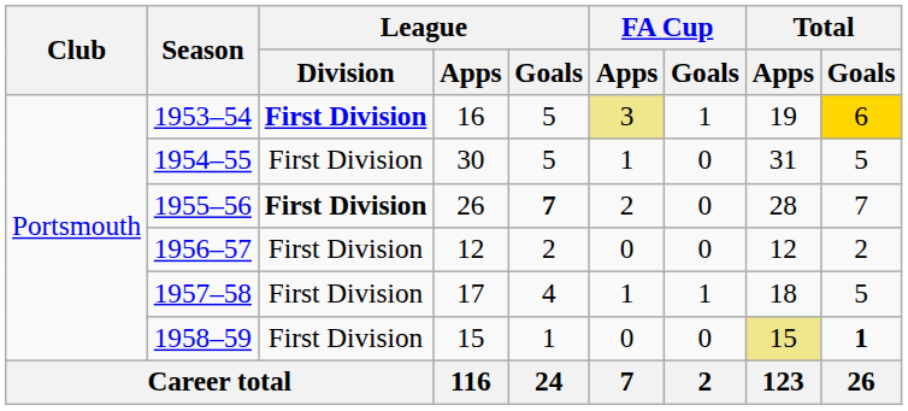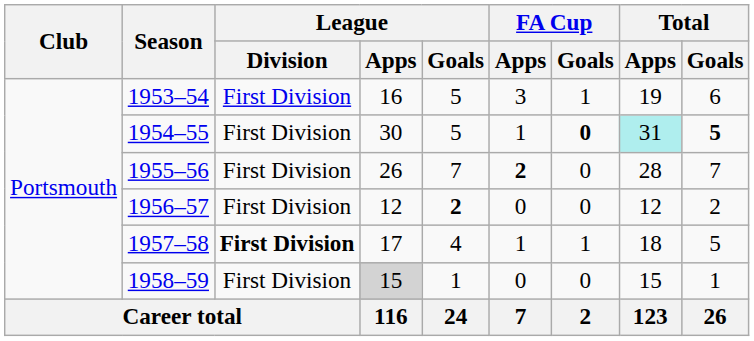 <table class="wikitable" style="text-align: center;">
 <tr>
 <th rowspan="2">Club</th>
 <th rowspan="2">Season</th>
 <th colspan="3">League</th>
 <th colspan="2"><a href='#'>FA Cup</a></th>
 <th colspan="2">Total</th>
 </tr>
 <tr>
 <th>Division</th>
 <th>Apps</th>
 <th>Goals</th>
 <th>Apps</th>
 <th>Goals</th>
 <th>Apps</th>
 <th>Goals</th>
 </tr>
 <tr>
 <td rowspan="6"><a href='#'>Portsmouth</a></td>
 <td><a href='#'>1953–54</a></td>
-<td><strong><a href='#'>First Division</a></strong></td>
+<td><a href='#'>First Division</a></td>
 <td>16</td>
 <td>5</td>
-<td style="background: khaki;">3</td>
+<td>3</td>
 <td>1</td>
 <td>19</td>
-<td style="background: gold;">6</td>
+<td>6</td>
 </tr>
 <tr>
 <td><a href='#'>1954–55</a></td>
 <td>First Division</td>
 <td>30</td>
 <td>5</td>
 <td>1</td>
-<td>0</td>
-<td>31</td>
-<td>5</td>
+<td><strong>0</strong></td>
+<td style="background: paleturquoise;">31</td>
+<td><strong>5</strong></td>
 </tr>
 <tr>
 <td><a href='#'>1955–56</a></td>
-<td><strong>First Division</strong></td>
+<td>First Division</td>
 <td>26</td>
-<td><strong>7</strong></td>
-<td>2</td>
+<td>7</td>
+<td><strong>2</strong></td>
 <td>0</td>
 <td>28</td>
 <td>7</td>
 </tr>
 <tr>
 <td><a href='#'>1956–57</a></td>
 <td>First Division</td>
 <td>12</td>
-<td>2</td>
+<td><strong>2</strong></td>
 <td>0</td>
 <td>0</td>
 <td>12</td>
 <td>2</td>
 </tr>
 <tr>
 <td><a href='#'>1957–58</a></td>
-<td>First Division</td>
+<td><strong>First Division</strong></td>
 <td>17</td>
 <td>4</td>
 <td>1</td>
 <td>1</td>
 <td>18</td>
 <td>5</td>
 </tr>
 <tr>
 <td><a href='#'>1958–59</a></td>
 <td>First Division</td>
-<td>15</td>
+<td style="background: lightgrey;">15</td>
 <td>1</td>
 <td>0</td>
 <td>0</td>
-<td style="background: khaki;">15</td>
-<td><strong>1</strong></td>
+<td>15</td>
+<td>1</td>
 </tr>
 <tr>
 <th colspan="3">Career total</th>
 <th>116</th>
 <th>24</th>
 <th>7</th>
 <th>2</th>
 <th>123</th>
 <th>26</th>
 </tr>
 </table>
